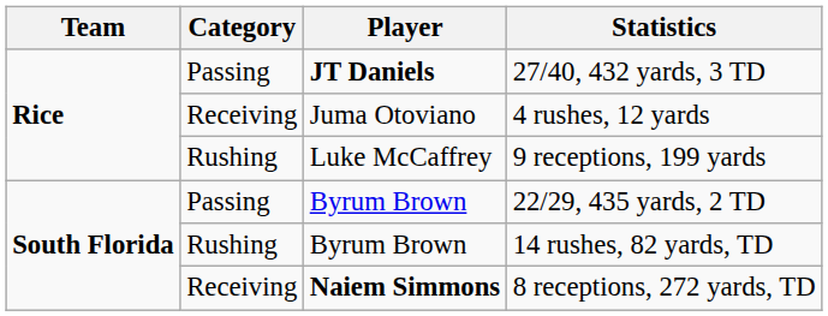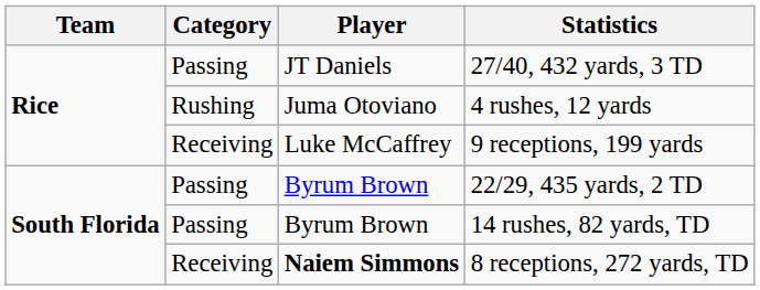 <table class="wikitable" style="float: right;">
 <tr>
 <th>Team</th>
 <th>Category</th>
 <th>Player</th>
 <th>Statistics</th>
 </tr>
 <tr>
 <td rowspan=3><strong>Rice</strong></td>
 <td>Passing</td>
-<td><strong>JT Daniels</strong></td>
+<td>JT Daniels</td>
 <td>27/40, 432 yards, 3 TD</td>
 </tr>
 <tr>
-<td>Receiving</td>
+<td>Rushing</td>
 <td>Juma Otoviano</td>
 <td>4 rushes, 12 yards</td>
 </tr>
 <tr>
-<td>Rushing</td>
+<td>Receiving</td>
 <td>Luke McCaffrey</td>
 <td>9 receptions, 199 yards</td>
 </tr>
 <tr>
 <td rowspan=3><strong>South Florida</strong></td>
 <td>Passing</td>
 <td><a href='#'>Byrum Brown</a></td>
 <td>22/29, 435 yards, 2 TD</td>
 </tr>
 <tr>
-<td>Rushing</td>
+<td>Passing</td>
 <td>Byrum Brown</td>
 <td>14 rushes, 82 yards, TD</td>
 </tr>
 <tr>
 <td>Receiving</td>
 <td><strong>Naiem Simmons</strong></td>
 <td>8 receptions, 272 yards, TD</td>
 </tr>
 </table>
